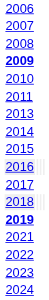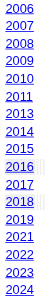 <table>
 <tr>
 <td><a href='#'>2006</a></td>
 <td></td>
 <td></td>
 <td></td>
 </tr>
 <tr valign=top>
 <td><a href='#'>2007</a></td>
 <td></td>
 <td></td>
 <td></td>
 </tr>
 <tr valign=top>
 <td><a href='#'>2008</a></td>
 <td></td>
 <td></td>
 <td></td>
 </tr>
 <tr valign=top>
-<td><strong><a href='#'>2009</a></strong></td>
+<td><a href='#'>2009</a></td>
 <td></td>
 <td></td>
 <td></td>
 </tr>
 <tr valign=top>
 <td><a href='#'>2010</a></td>
 <td></td>
 <td></td>
 <td></td>
 </tr>
 <tr valign=top>
 <td><a href='#'>2011</a></td>
 <td></td>
 <td></td>
 <td></td>
 </tr>
 <tr valign=top>
 <td><a href='#'>2013</a></td>
 <td></td>
 <td></td>
 <td></td>
 </tr>
 <tr valign=top>
 <td><a href='#'>2014</a></td>
 <td></td>
 <td></td>
 <td></td>
 </tr>
 <tr valign=top>
 <td><a href='#'>2015</a></td>
 <td></td>
 <td></td>
 <td></td>
 </tr>
 <tr bgcolor="#EFEFEF">
 <td><a href='#'>2016</a></td>
 <td></td>
 <td></td>
 <td></td>
 </tr>
 <tr>
 <td><a href='#'>2017</a></td>
 <td></td>
 <td></td>
 <td></td>
 </tr>
 <tr bgcolor="#EFEFEF">
 <td><a href='#'>2018</a></td>
 <td></td>
 <td></td>
 <td nowrap></td>
 </tr>
 <tr>
-<td><strong><a href='#'>2019</a></strong></td>
+<td><a href='#'>2019</a></td>
 <td></td>
 <td></td>
 <td></td>
 </tr>
 <tr>
 <td><a href='#'>2021</a></td>
 <td></td>
 <td></td>
 <td></td>
 </tr>
 <tr>
 <td><a href='#'>2022</a></td>
 <td></td>
 <td></td>
 <td></td>
 </tr>
 <tr>
 <td><a href='#'>2023</a></td>
 <td></td>
 <td></td>
 <td></td>
 </tr>
 <tr>
 <td><a href='#'>2024</a></td>
 <td nowrap></td>
 <td></td>
 <td></td>
 </tr>
 </table>
